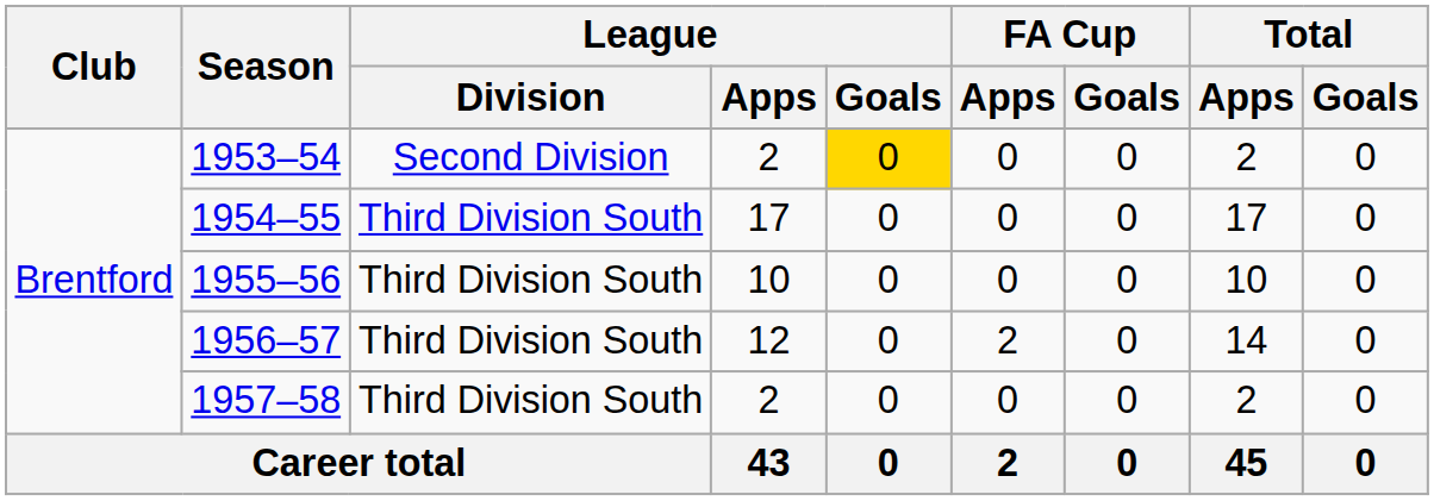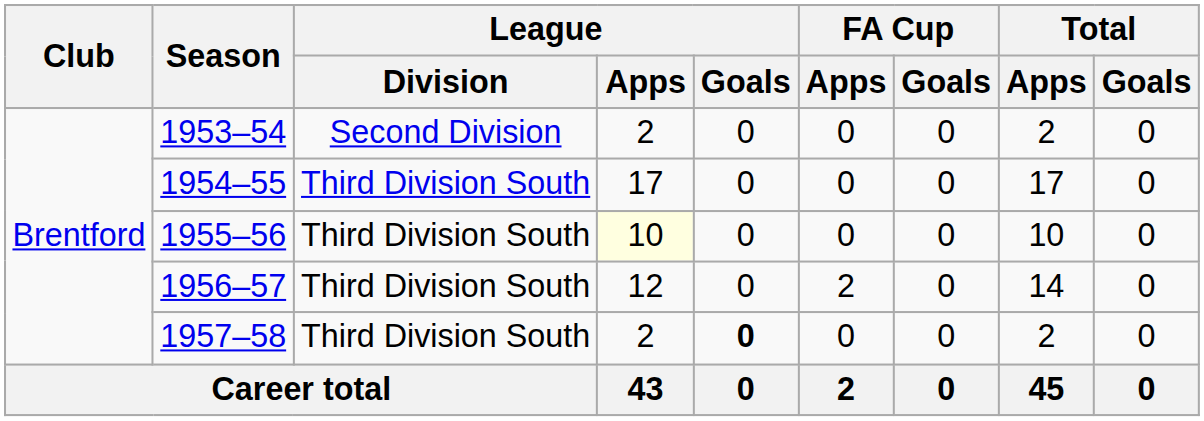 <table class="wikitable" style="text-align: center;">
 <tr>
 <th rowspan="2">Club</th>
 <th rowspan="2">Season</th>
 <th colspan="3">League</th>
 <th colspan="2">FA Cup</th>
 <th colspan="2">Total</th>
 </tr>
 <tr>
 <th>Division</th>
 <th>Apps</th>
 <th>Goals</th>
 <th>Apps</th>
 <th>Goals</th>
 <th>Apps</th>
 <th>Goals</th>
 </tr>
 <tr>
 <td rowspan="5"><a href='#'>Brentford</a></td>
 <td><a href='#'>1953–54</a></td>
 <td><a href='#'>Second Division</a></td>
 <td>2</td>
-<td style="background: gold;">0</td>
+<td>0</td>
 <td>0</td>
 <td>0</td>
 <td>2</td>
 <td>0</td>
 </tr>
 <tr>
 <td><a href='#'>1954–55</a></td>
 <td><a href='#'>Third Division South</a></td>
 <td>17</td>
 <td>0</td>
 <td>0</td>
 <td>0</td>
 <td>17</td>
 <td>0</td>
 </tr>
 <tr>
 <td><a href='#'>1955–56</a></td>
 <td>Third Division South</td>
-<td>10</td>
+<td style="background: lightyellow;">10</td>
 <td>0</td>
 <td>0</td>
 <td>0</td>
 <td>10</td>
 <td>0</td>
 </tr>
 <tr>
 <td><a href='#'>1956–57</a></td>
 <td>Third Division South</td>
 <td>12</td>
 <td>0</td>
 <td>2</td>
 <td>0</td>
 <td>14</td>
 <td>0</td>
 </tr>
 <tr>
 <td><a href='#'>1957–58</a></td>
 <td>Third Division South</td>
 <td>2</td>
-<td>0</td>
+<td><strong>0</strong></td>
 <td>0</td>
 <td>0</td>
 <td>2</td>
 <td>0</td>
 </tr>
 <tr>
 <th colspan="3">Career total</th>
 <th>43</th>
 <th>0</th>
 <th>2</th>
 <th>0</th>
 <th>45</th>
 <th>0</th>
 </tr>
 </table>
